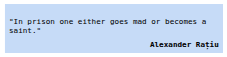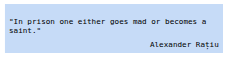 <table class="toccolours" style="float: right; margin-left: 1em; margin-right: 2em; font-size: 85%; background:#c6dbf7; color:black; width:30em; max-width: 25%;" cellspacing="5">
 <tr>
 <td style="text-align: left;"><br>"In prison one either goes mad or becomes a saint."</td>
 </tr>
 <tr>
-<td style="text-align: right;"><strong>Alexander Rațiu</strong></td>
+<td style="text-align: right;">Alexander Rațiu</td>
 </tr>
 </table>
